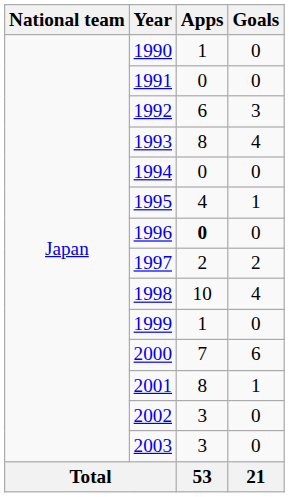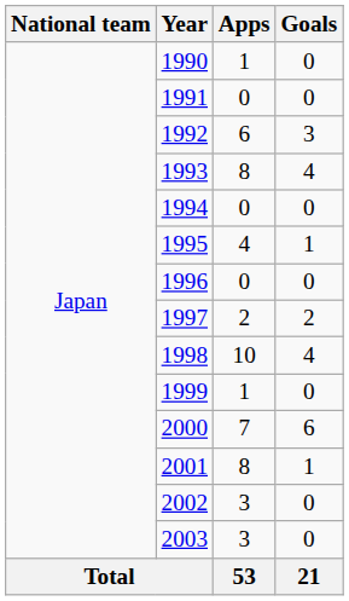 <table class="wikitable" style="text-align:center">
 <tr>
 <th>National team</th>
 <th>Year</th>
 <th>Apps</th>
 <th>Goals</th>
 </tr>
 <tr>
 <td rowspan="14"><a href='#'>Japan</a></td>
 <td><a href='#'>1990</a></td>
 <td>1</td>
 <td>0</td>
 </tr>
 <tr>
 <td><a href='#'>1991</a></td>
 <td>0</td>
 <td>0</td>
 </tr>
 <tr>
 <td><a href='#'>1992</a></td>
 <td>6</td>
 <td>3</td>
 </tr>
 <tr>
 <td><a href='#'>1993</a></td>
 <td>8</td>
 <td>4</td>
 </tr>
 <tr>
 <td><a href='#'>1994</a></td>
 <td>0</td>
 <td>0</td>
 </tr>
 <tr>
 <td><a href='#'>1995</a></td>
 <td>4</td>
 <td>1</td>
 </tr>
 <tr>
 <td><a href='#'>1996</a></td>
-<td><strong>0</strong></td>
+<td>0</td>
 <td>0</td>
 </tr>
 <tr>
 <td><a href='#'>1997</a></td>
 <td>2</td>
 <td>2</td>
 </tr>
 <tr>
 <td><a href='#'>1998</a></td>
 <td>10</td>
 <td>4</td>
 </tr>
 <tr>
 <td><a href='#'>1999</a></td>
 <td>1</td>
 <td>0</td>
 </tr>
 <tr>
 <td><a href='#'>2000</a></td>
 <td>7</td>
 <td>6</td>
 </tr>
 <tr>
 <td><a href='#'>2001</a></td>
 <td>8</td>
 <td>1</td>
 </tr>
 <tr>
 <td><a href='#'>2002</a></td>
 <td>3</td>
 <td>0</td>
 </tr>
 <tr>
 <td><a href='#'>2003</a></td>
 <td>3</td>
 <td>0</td>
 </tr>
 <tr>
 <th colspan="2">Total</th>
 <th>53</th>
 <th>21</th>
 </tr>
 </table>
